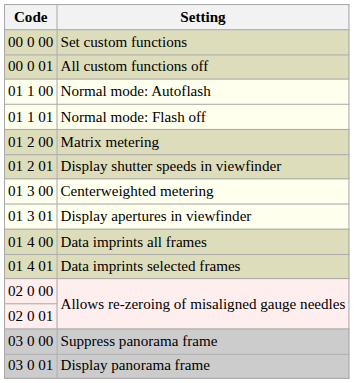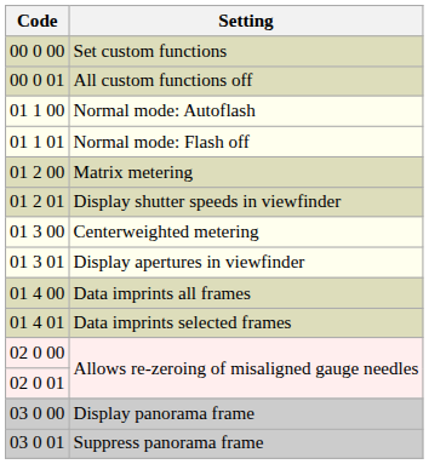 <table class="wikitable floatright" style="font-size:90%;text-align:left;">
 <tr>
 <th>Code</th>
 <th>Setting</th>
 </tr>
 <tr style="background:#ddb;">
 <td>00 0 00</td>
 <td>Set custom functions</td>
 </tr>
 <tr style="background:#ddb;">
 <td>00 0 01</td>
 <td>All custom functions off</td>
 </tr>
 <tr style="background:#ffe;">
 <td>01 1 00</td>
 <td>Normal mode: Autoflash</td>
 </tr>
 <tr style="background:#ffe;">
 <td>01 1 01</td>
 <td>Normal mode: Flash off</td>
 </tr>
 <tr style="background:#ddb;">
 <td>01 2 00</td>
 <td>Matrix metering</td>
 </tr>
 <tr style="background:#ddb;">
 <td>01 2 01</td>
 <td>Display shutter speeds in viewfinder</td>
 </tr>
 <tr style="background:#ffe;">
 <td>01 3 00</td>
 <td>Centerweighted metering</td>
 </tr>
 <tr style="background:#ffe;">
 <td>01 3 01</td>
 <td>Display apertures in viewfinder</td>
 </tr>
 <tr style="background:#ddb;">
 <td>01 4 00</td>
 <td>Data imprints all frames</td>
 </tr>
 <tr style="background:#ddb;">
 <td>01 4 01</td>
 <td>Data imprints selected frames</td>
 </tr>
 <tr style="background:#fee;">
 <td>02 0 00</td>
 <td rowspan=2>Allows re-zeroing of misaligned gauge needles</td>
 </tr>
 <tr style="background:#fee;">
 <td>02 0 01</td>
 </tr>
 <tr style="background:#ccc;">
 <td>03 0 00</td>
-<td>Suppress panorama frame</td>
+<td>Display panorama frame</td>
 </tr>
 <tr style="background:#ccc;">
 <td>03 0 01</td>
-<td>Display panorama frame</td>
+<td>Suppress panorama frame</td>
 </tr>
 </table>
